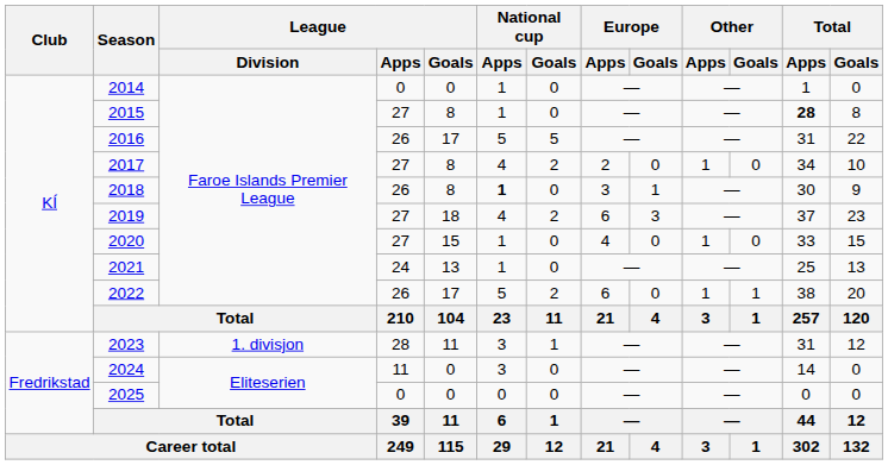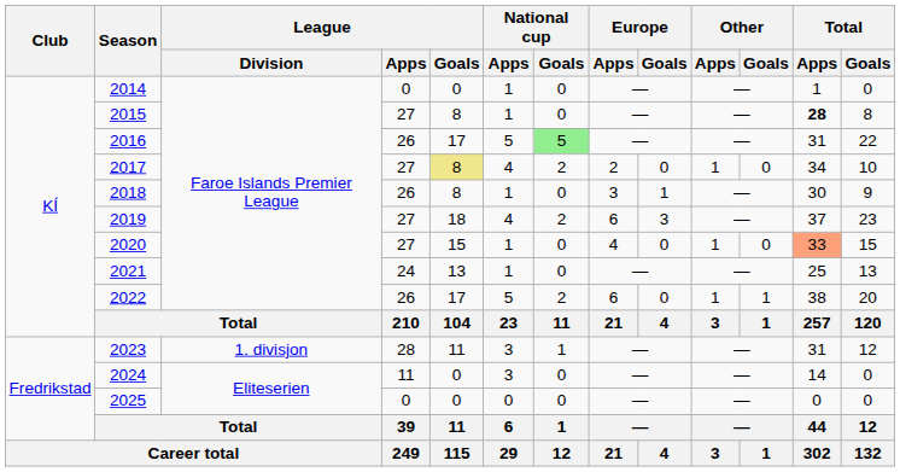 <table class="wikitable" style="text-align: center;">
 <tr>
 <th rowspan="2">Club</th>
 <th rowspan="2">Season</th>
 <th colspan="3">League</th>
 <th colspan="2">National cup</th>
 <th colspan="2">Europe</th>
 <th colspan="2">Other</th>
 <th colspan="2">Total</th>
 </tr>
 <tr>
 <th>Division</th>
 <th>Apps</th>
 <th>Goals</th>
 <th>Apps</th>
 <th>Goals</th>
 <th>Apps</th>
 <th>Goals</th>
 <th>Apps</th>
 <th>Goals</th>
 <th>Apps</th>
 <th>Goals</th>
 </tr>
 <tr>
 <td rowspan="10"><a href='#'>KÍ</a></td>
 <td><a href='#'>2014</a></td>
 <td rowspan="9"><a href='#'>Faroe Islands Premier League</a></td>
 <td>0</td>
 <td>0</td>
 <td>1</td>
 <td>0</td>
 <td colspan="2">—</td>
 <td colspan="2">—</td>
 <td>1</td>
 <td>0</td>
 </tr>
 <tr>
 <td><a href='#'>2015</a></td>
 <td>27</td>
 <td>8</td>
 <td>1</td>
 <td>0</td>
 <td colspan="2">—</td>
 <td colspan="2">—</td>
 <td><strong>28</strong></td>
 <td>8</td>
 </tr>
 <tr>
 <td><a href='#'>2016</a></td>
 <td>26</td>
 <td>17</td>
 <td>5</td>
-<td>5</td>
+<td style="background: lightgreen;">5</td>
 <td colspan="2">—</td>
 <td colspan="2">—</td>
 <td>31</td>
 <td>22</td>
 </tr>
 <tr>
 <td><a href='#'>2017</a></td>
 <td>27</td>
-<td>8</td>
+<td style="background: khaki;">8</td>
 <td>4</td>
 <td>2</td>
 <td>2</td>
 <td>0</td>
 <td>1</td>
 <td>0</td>
 <td>34</td>
 <td>10</td>
 </tr>
 <tr>
 <td><a href='#'>2018</a></td>
 <td>26</td>
 <td>8</td>
-<td><strong>1</strong></td>
+<td>1</td>
 <td>0</td>
 <td>3</td>
 <td>1</td>
 <td colspan="2">—</td>
 <td>30</td>
 <td>9</td>
 </tr>
 <tr>
 <td><a href='#'>2019</a></td>
 <td>27</td>
 <td>18</td>
 <td>4</td>
 <td>2</td>
 <td>6</td>
 <td>3</td>
 <td colspan="2">—</td>
 <td>37</td>
 <td>23</td>
 </tr>
 <tr>
 <td><a href='#'>2020</a></td>
 <td>27</td>
 <td>15</td>
 <td>1</td>
 <td>0</td>
 <td>4</td>
 <td>0</td>
 <td>1</td>
 <td>0</td>
-<td>33</td>
+<td style="background: lightsalmon;">33</td>
 <td>15</td>
 </tr>
 <tr>
 <td><a href='#'>2021</a></td>
 <td>24</td>
 <td>13</td>
 <td>1</td>
 <td>0</td>
 <td colspan="2">—</td>
 <td colspan="2">—</td>
 <td>25</td>
 <td>13</td>
 </tr>
 <tr>
 <td><a href='#'>2022</a></td>
 <td>26</td>
 <td>17</td>
 <td>5</td>
 <td>2</td>
 <td>6</td>
 <td>0</td>
 <td>1</td>
 <td>1</td>
 <td>38</td>
 <td>20</td>
 </tr>
 <tr>
 <th colspan="2">Total</th>
 <th>210</th>
 <th>104</th>
 <th>23</th>
 <th>11</th>
 <th>21</th>
 <th>4</th>
 <th>3</th>
 <th>1</th>
 <th>257</th>
 <th>120</th>
 </tr>
 <tr>
 <td rowspan="4"><a href='#'>Fredrikstad</a></td>
 <td><a href='#'>2023</a></td>
 <td><a href='#'>1. divisjon</a></td>
 <td>28</td>
 <td>11</td>
 <td>3</td>
 <td>1</td>
 <td colspan="2">—</td>
 <td colspan="2">—</td>
 <td>31</td>
 <td>12</td>
 </tr>
 <tr>
 <td><a href='#'>2024</a></td>
 <td rowspan="2"><a href='#'>Eliteserien</a></td>
 <td>11</td>
 <td>0</td>
 <td>3</td>
 <td>0</td>
 <td colspan="2">—</td>
 <td colspan="2">—</td>
 <td>14</td>
 <td>0</td>
 </tr>
 <tr>
 <td><a href='#'>2025</a></td>
 <td>0</td>
 <td>0</td>
 <td>0</td>
 <td>0</td>
 <td colspan="2">—</td>
 <td colspan="2">—</td>
 <td>0</td>
 <td>0</td>
 </tr>
 <tr>
 <th colspan="2">Total</th>
 <th>39</th>
 <th>11</th>
 <th>6</th>
 <th>1</th>
 <th colspan="2">—</th>
 <th colspan="2">—</th>
 <th>44</th>
 <th>12</th>
 </tr>
 <tr>
 <th colspan="3">Career total</th>
 <th>249</th>
 <th>115</th>
 <th>29</th>
 <th>12</th>
 <th>21</th>
 <th>4</th>
 <th>3</th>
 <th>1</th>
 <th>302</th>
 <th>132</th>
 </tr>
 </table>
